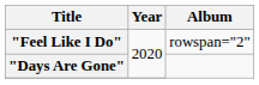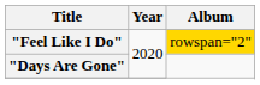 <table class="wikitable plainrowheaders" style="text-align:center;">
 <tr>
 <th scope="col">Title</th>
 <th scope="col">Year</th>
 <th scope="col">Album</th>
 </tr>
 <tr>
 <th scope="row">"Feel Like I Do"</th>
 <td rowspan="2">2020</td>
-<td>rowspan="2" </td>
+<td style="background: gold;">rowspan="2" </td>
 </tr>
 <tr>
 <th scope="row">"Days Are Gone"</th>
 </tr>
 <tr>
 </tr>
 </table>
